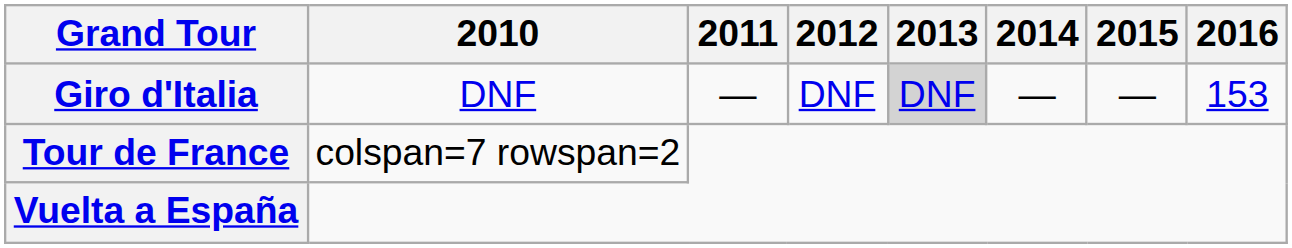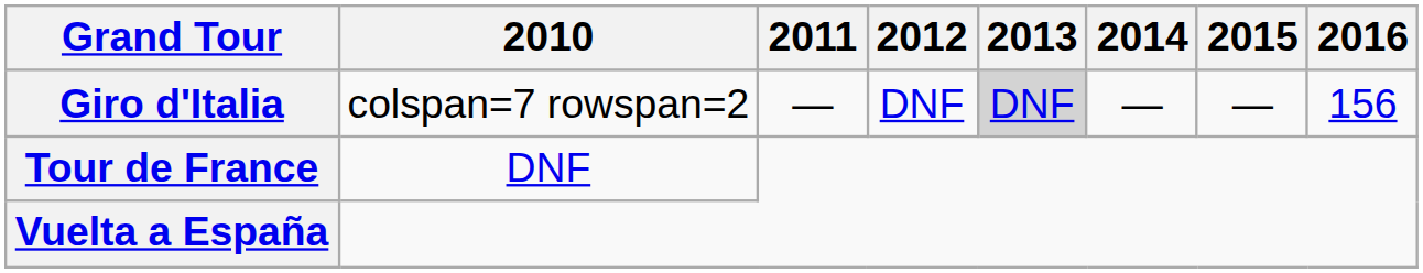 <table class="wikitable plainrowheaders">
 <tr>
 <th scope="col"><a href='#'>Grand Tour</a></th>
 <th scope="col">2010</th>
 <th scope="col">2011</th>
 <th scope="col">2012</th>
 <th scope="col">2013</th>
 <th scope="col">2014</th>
 <th scope="col">2015</th>
 <th scope="col">2016</th>
 </tr>
 <tr style="text-align:center;">
 <th scope="row"> <a href='#'>Giro d'Italia</a></th>
-<td><a href='#'>DNF</a></td>
+<td>colspan=7 rowspan=2 </td>
 <td>—</td>
 <td><a href='#'>DNF</a></td>
 <td style="background: lightgrey;"><a href='#'>DNF</a></td>
 <td>—</td>
 <td>—</td>
-<td><a href='#'>153</a></td>
+<td><a href='#'>156</a></td>
 </tr>
 <tr style="text-align:center;">
 <th scope="row"> <a href='#'>Tour de France</a></th>
-<td>colspan=7 rowspan=2 </td>
+<td><a href='#'>DNF</a></td>
 </tr>
 <tr style="text-align:center;">
 <th scope="row"> <a href='#'>Vuelta a España</a></th>
 </tr>
 </table>
